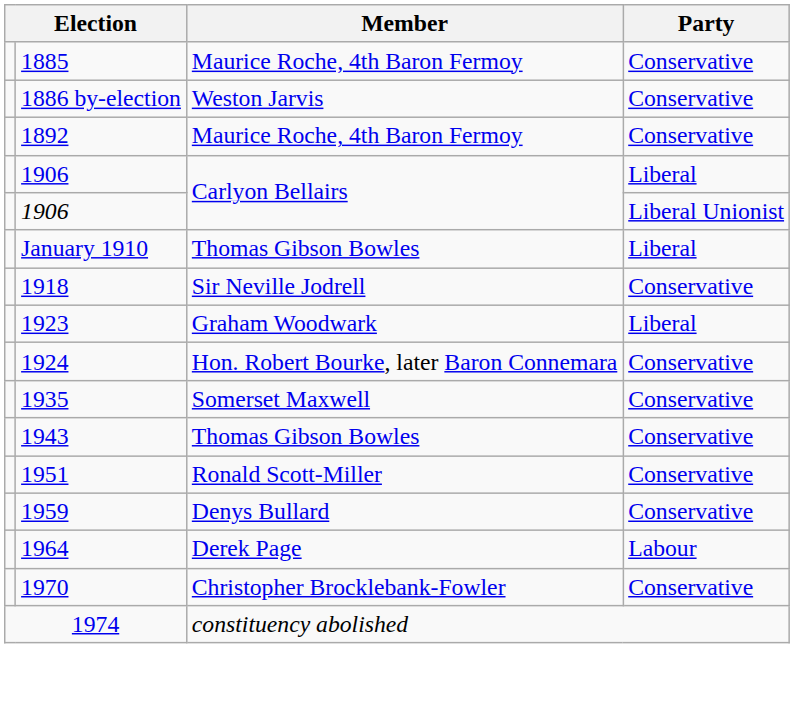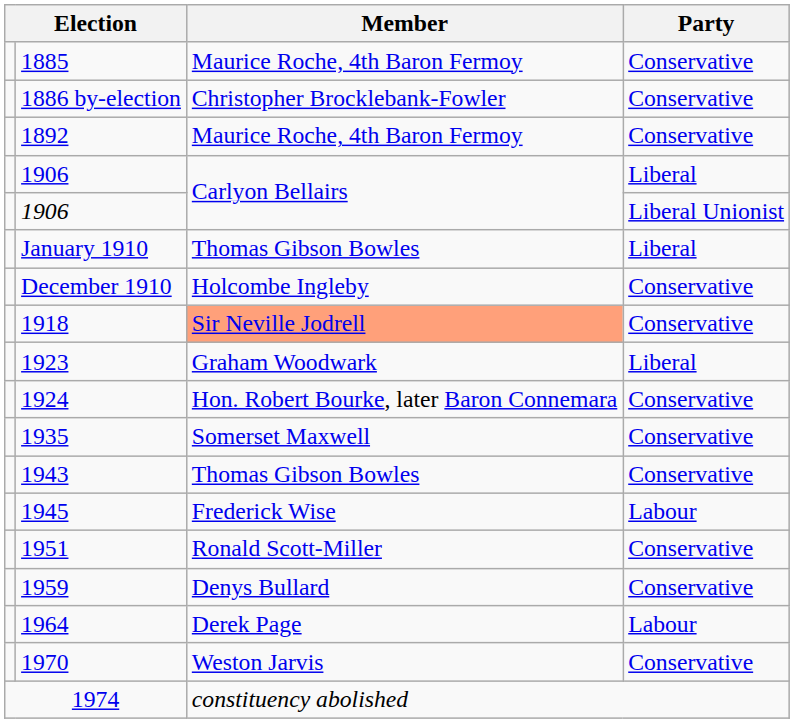 <table class="wikitable">
 <tr>
 <th colspan="2">Election</th>
 <th>Member</th>
 <th>Party</th>
 </tr>
 <tr>
 <td style="color:inherit;background-color: "></td>
 <td><a href='#'>1885</a></td>
 <td><a href='#'>Maurice Roche, 4th Baron Fermoy</a></td>
 <td><a href='#'>Conservative</a></td>
 </tr>
 <tr>
 <td style="color:inherit;background-color: "></td>
 <td><a href='#'>1886 by-election</a></td>
-<td><a href='#'>Weston Jarvis</a></td>
+<td><a href='#'>Christopher Brocklebank-Fowler</a></td>
 <td><a href='#'>Conservative</a></td>
 </tr>
 <tr>
 <td style="color:inherit;background-color: "></td>
 <td><a href='#'>1892</a></td>
 <td><a href='#'>Maurice Roche, 4th Baron Fermoy</a></td>
 <td><a href='#'>Conservative</a></td>
 </tr>
 <tr>
 <td style="color:inherit;background-color: "></td>
 <td><a href='#'>1906</a></td>
 <td rowspan="2"><a href='#'>Carlyon Bellairs</a></td>
 <td><a href='#'>Liberal</a></td>
 </tr>
 <tr>
 <td style="color:inherit;background-color: "></td>
 <td><em>1906</em></td>
 <td><a href='#'>Liberal Unionist</a></td>
 </tr>
 <tr>
 <td style="color:inherit;background-color: "></td>
 <td><a href='#'>January 1910</a></td>
 <td><a href='#'>Thomas Gibson Bowles</a></td>
 <td><a href='#'>Liberal</a></td>
 </tr>
 <tr>
 <td style="color:inherit;background-color: "></td>
+<td><a href='#'>December 1910</a></td>
+<td><a href='#'>Holcombe Ingleby</a></td>
+<td><a href='#'>Conservative</a></td>
+</tr>
+<tr>
+<td style="color:inherit;background-color: "></td>
 <td><a href='#'>1918</a></td>
-<td><a href='#'>Sir Neville Jodrell</a></td>
+<td style="background: lightsalmon;"><a href='#'>Sir Neville Jodrell</a></td>
 <td><a href='#'>Conservative</a></td>
 </tr>
 <tr>
 <td style="color:inherit;background-color: "></td>
 <td><a href='#'>1923</a></td>
 <td><a href='#'>Graham Woodwark</a></td>
 <td><a href='#'>Liberal</a></td>
 </tr>
 <tr>
 <td style="color:inherit;background-color: "></td>
 <td><a href='#'>1924</a></td>
 <td><a href='#'>Hon. Robert Bourke</a>, later <a href='#'>Baron Connemara</a></td>
 <td><a href='#'>Conservative</a></td>
 </tr>
 <tr>
 <td style="color:inherit;background-color: "></td>
 <td><a href='#'>1935</a></td>
 <td><a href='#'>Somerset Maxwell</a></td>
 <td><a href='#'>Conservative</a></td>
 </tr>
 <tr>
 <td style="color:inherit;background-color: "></td>
 <td><a href='#'>1943</a></td>
 <td><a href='#'>Thomas Gibson Bowles</a></td>
 <td><a href='#'>Conservative</a></td>
 </tr>
 <tr>
 <td style="color:inherit;background-color: "></td>
+<td><a href='#'>1945</a></td>
+<td><a href='#'>Frederick Wise</a></td>
+<td><a href='#'>Labour</a></td>
+</tr>
+<tr>
+<td style="color:inherit;background-color: "></td>
 <td><a href='#'>1951</a></td>
 <td><a href='#'>Ronald Scott-Miller</a></td>
 <td><a href='#'>Conservative</a></td>
 </tr>
 <tr>
 <td style="color:inherit;background-color: "></td>
 <td><a href='#'>1959</a></td>
 <td><a href='#'>Denys Bullard</a></td>
 <td><a href='#'>Conservative</a></td>
 </tr>
 <tr>
 <td style="color:inherit;background-color: "></td>
 <td><a href='#'>1964</a></td>
 <td><a href='#'>Derek Page</a></td>
 <td><a href='#'>Labour</a></td>
 </tr>
 <tr>
 <td style="color:inherit;background-color: "></td>
 <td><a href='#'>1970</a></td>
-<td><a href='#'>Christopher Brocklebank-Fowler</a></td>
+<td><a href='#'>Weston Jarvis</a></td>
 <td><a href='#'>Conservative</a></td>
 </tr>
 <tr>
 <td colspan="2" align="center"><a href='#'>1974</a></td>
 <td colspan="2"><em>constituency abolished</em></td>
 </tr>
 </table>
